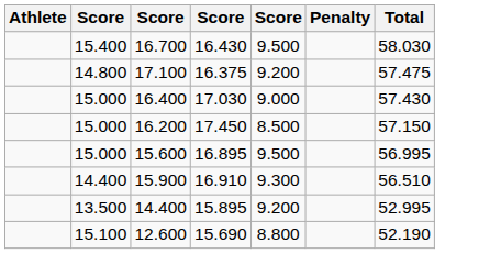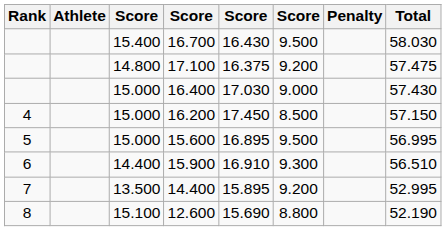 <table class="wikitable sortable" style="text-align:center">
 <tr>
+<th>Rank</th>
 <th>Athlete</th>
 <th> Score</th>
 <th> Score</th>
 <th> Score</th>
 <th> Score</th>
 <th>Penalty</th>
 <th>Total</th>
 </tr>
 <tr>
+<td></td>
 <td align=left></td>
 <td>15.400</td>
 <td>16.700</td>
 <td>16.430</td>
 <td>9.500</td>
 <td></td>
 <td>58.030</td>
 </tr>
 <tr>
+<td></td>
 <td align=left></td>
 <td>14.800</td>
 <td>17.100</td>
 <td>16.375</td>
 <td>9.200</td>
 <td></td>
 <td>57.475</td>
 </tr>
 <tr>
+<td></td>
 <td align=left></td>
 <td>15.000</td>
 <td>16.400</td>
 <td>17.030</td>
 <td>9.000</td>
 <td></td>
 <td>57.430</td>
 </tr>
 <tr>
+<td>4</td>
 <td align=left></td>
 <td>15.000</td>
 <td>16.200</td>
 <td>17.450</td>
 <td>8.500</td>
 <td></td>
 <td>57.150</td>
 </tr>
 <tr>
+<td>5</td>
 <td align=left></td>
 <td>15.000</td>
 <td>15.600</td>
 <td>16.895</td>
 <td>9.500</td>
 <td></td>
 <td>56.995</td>
 </tr>
 <tr>
+<td>6</td>
 <td align=left></td>
 <td>14.400</td>
 <td>15.900</td>
 <td>16.910</td>
 <td>9.300</td>
 <td></td>
 <td>56.510</td>
 </tr>
 <tr>
+<td>7</td>
 <td align=left></td>
 <td>13.500</td>
 <td>14.400</td>
 <td>15.895</td>
 <td>9.200</td>
 <td></td>
 <td>52.995</td>
 </tr>
 <tr>
+<td>8</td>
 <td align=left></td>
 <td>15.100</td>
 <td>12.600</td>
 <td>15.690</td>
 <td>8.800</td>
 <td></td>
 <td>52.190</td>
 </tr>
 </table>
